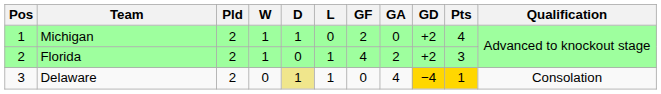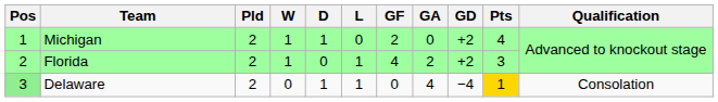 <table class="wikitable" style="text-align:center; margin: 1em auto">
 <tr>
 <th style="width:2em">Pos</th>
 <th style="width:13em">Team</th>
 <th style="width:2em">Pld</th>
 <th style="width:2em">W</th>
 <th style="width:2em">D</th>
 <th style="width:2em">L</th>
 <th style="width:2em">GF</th>
 <th style="width:2em">GA</th>
 <th style="width:2em">GD</th>
 <th style="width:2em">Pts</th>
 <th style="width:13em">Qualification</th>
 </tr>
 <tr bgcolor="#9eff9e">
 <td>1</td>
 <td style="text-align:left">Michigan</td>
 <td>2</td>
 <td>1</td>
 <td>1</td>
 <td>0</td>
 <td>2</td>
 <td>0</td>
 <td>+2</td>
 <td>4</td>
 <td rowspan="2">Advanced to knockout stage</td>
 </tr>
 <tr bgcolor="#9eff9e">
 <td>2</td>
 <td style="text-align:left">Florida</td>
 <td>2</td>
 <td>1</td>
 <td>0</td>
 <td>1</td>
 <td>4</td>
 <td>2</td>
 <td>+2</td>
 <td>3</td>
 </tr>
 <tr>
-<td>3</td>
+<td style="background: lightgreen;">3</td>
 <td style="text-align:left">Delaware</td>
 <td>2</td>
 <td>0</td>
-<td style="background: khaki;">1</td>
+<td>1</td>
 <td>1</td>
 <td>0</td>
 <td>4</td>
-<td style="background: gold;">−4</td>
+<td>−4</td>
 <td style="background: gold;">1</td>
 <td>Consolation</td>
 </tr>
 </table>
